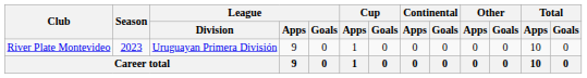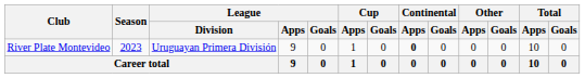 <table class=wikitable style=text-align:center>
 <tr>
 <th rowspan=2>Club</th>
 <th rowspan=2>Season</th>
 <th colspan=3>League</th>
 <th colspan=2>Cup</th>
 <th colspan=2>Continental</th>
 <th colspan=2>Other</th>
 <th colspan=2>Total</th>
 </tr>
 <tr>
 <th>Division</th>
 <th>Apps</th>
 <th>Goals</th>
 <th>Apps</th>
 <th>Goals</th>
 <th>Apps</th>
 <th>Goals</th>
 <th>Apps</th>
 <th>Goals</th>
 <th>Apps</th>
 <th>Goals</th>
 </tr>
 <tr>
 <td><a href='#'>River Plate Montevideo</a></td>
 <td><a href='#'>2023</a></td>
 <td><a href='#'>Uruguayan Primera División</a></td>
 <td>9</td>
 <td>0</td>
 <td>1</td>
 <td>0</td>
-<td>0</td>
+<td><strong>0</strong></td>
 <td>0</td>
 <td>0</td>
 <td>0</td>
 <td>10</td>
 <td>0</td>
 </tr>
 <tr>
 <th colspan="3"><strong>Career total</strong></th>
 <th>9</th>
 <th>0</th>
 <th>1</th>
 <th>0</th>
 <th>0</th>
 <th>0</th>
 <th>0</th>
 <th>0</th>
 <th>10</th>
 <th>0</th>
 </tr>
 </table>
